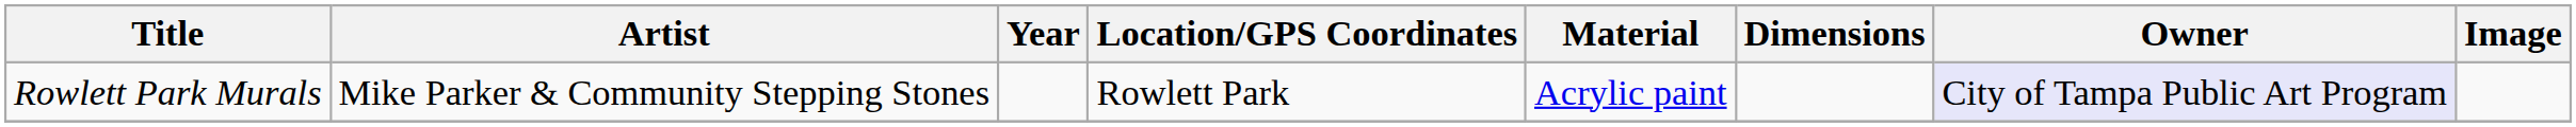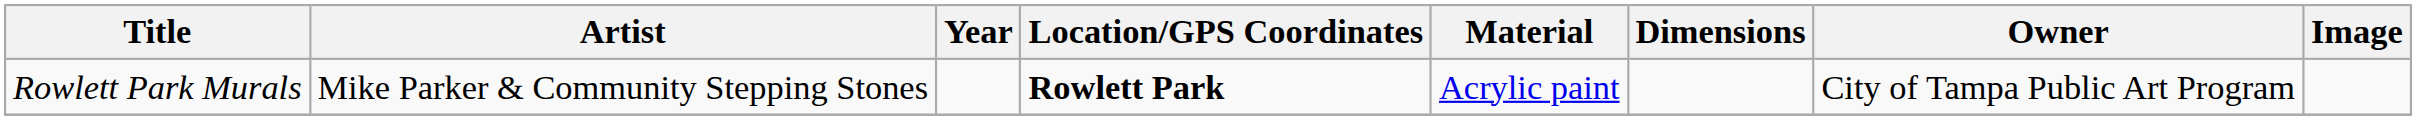 <table class="wikitable sortable">
 <tr>
 <th>Title</th>
 <th>Artist</th>
 <th>Year</th>
 <th>Location/GPS Coordinates</th>
 <th>Material</th>
 <th>Dimensions</th>
 <th>Owner</th>
 <th>Image</th>
 </tr>
 <tr>
 <td><em>Rowlett Park Murals</em></td>
 <td>Mike Parker & Community Stepping Stones</td>
 <td></td>
-<td>Rowlett Park</td>
+<td><strong>Rowlett Park</strong></td>
 <td><a href='#'>Acrylic paint</a></td>
 <td></td>
-<td style="background: lavender;">City of Tampa Public Art Program</td>
+<td>City of Tampa Public Art Program</td>
 <td></td>
 </tr>
 <tr>
 </tr>
 </table>
